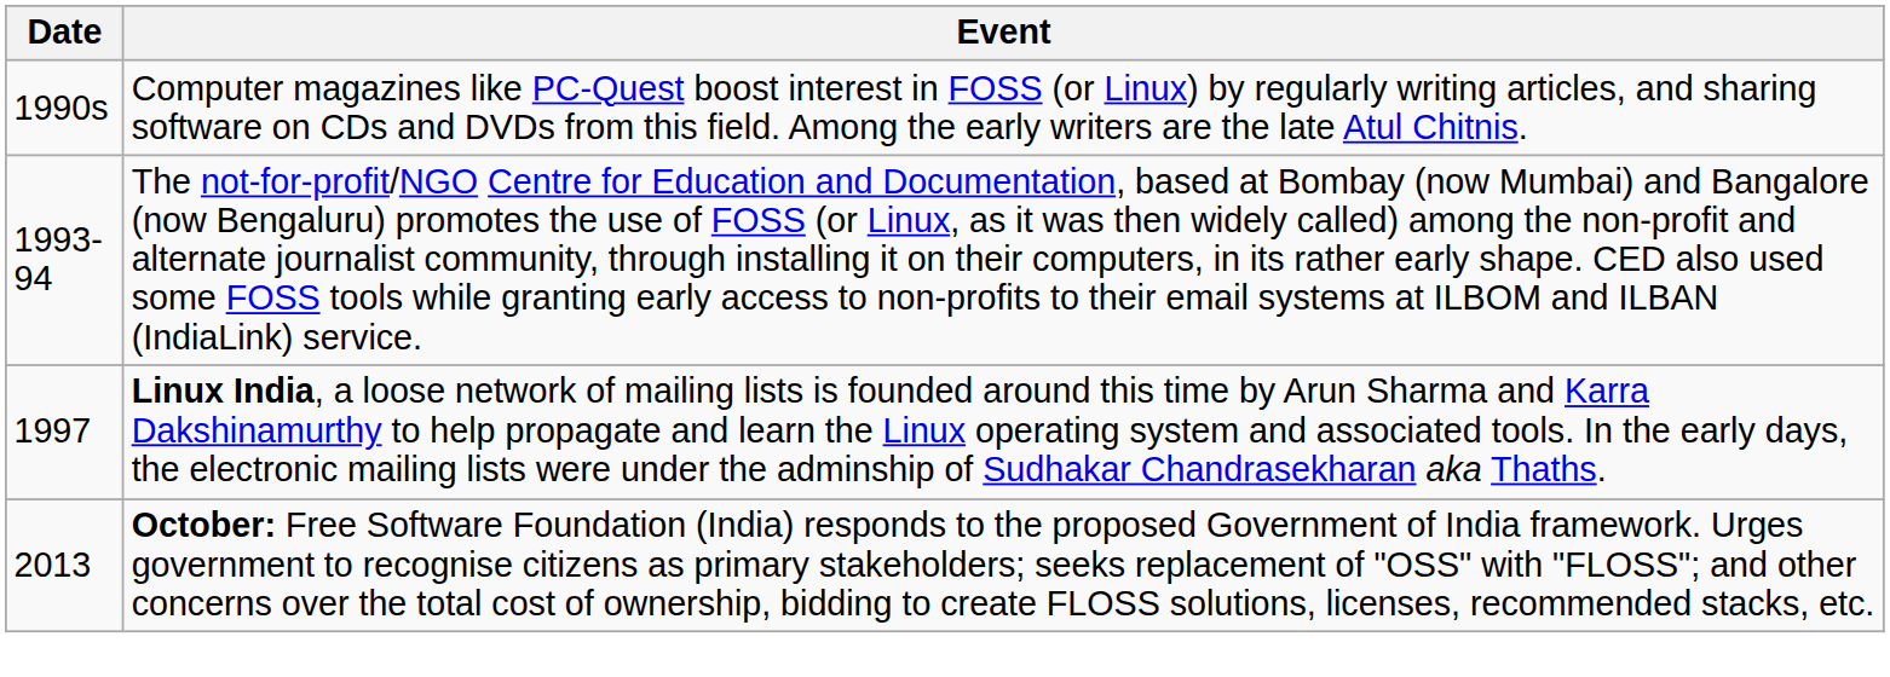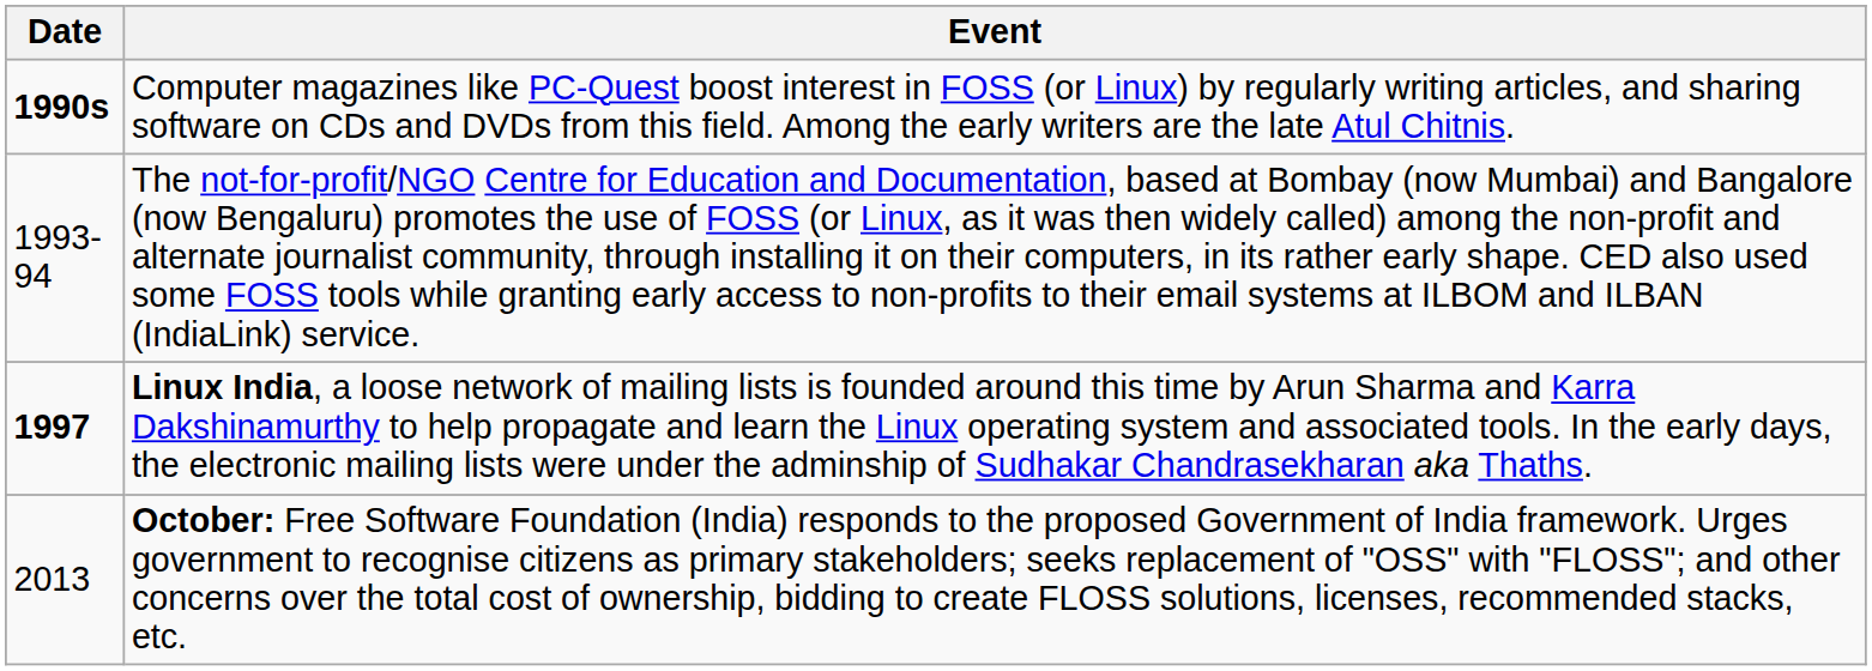 <table class="wikitable">
 <tr>
 <th>Date</th>
 <th>Event</th>
 </tr>
 <tr>
-<td>1990s</td>
+<td><strong>1990s</strong></td>
 <td>Computer magazines like <a href='#'>PC-Quest</a> boost interest in <a href='#'>FOSS</a> (or <a href='#'>Linux</a>) by regularly writing articles, and sharing software on CDs and DVDs from this field. Among the early writers are the late <a href='#'>Atul Chitnis</a>.</td>
 </tr>
 <tr>
 <td>1993-94</td>
 <td>The <a href='#'>not-for-profit</a>/<a href='#'>NGO</a> <a href='#'>Centre for Education and Documentation</a>, based at Bombay (now Mumbai) and Bangalore (now Bengaluru) promotes the use of <a href='#'>FOSS</a> (or <a href='#'>Linux</a>, as it was then widely called) among the non-profit and alternate journalist community, through installing it on their computers, in its rather early shape. CED also used some <a href='#'>FOSS</a> tools while granting early access to non-profits to their email systems at ILBOM and ILBAN (IndiaLink) service.</td>
 </tr>
 <tr>
-<td>1997</td>
+<td><strong>1997</strong></td>
 <td><strong>Linux India</strong>, a loose network of mailing lists is founded around this time by Arun Sharma and <a href='#'>Karra Dakshinamurthy</a> to help propagate and learn the <a href='#'>Linux</a> operating system and associated tools. In the early days, the electronic mailing lists were under the adminship of <a href='#'>Sudhakar Chandrasekharan</a> <em>aka</em> <a href='#'>Thaths</a>.</td>
 </tr>
 <tr>
 <td>2013</td>
 <td><strong>October:</strong> Free Software Foundation (India) responds to the proposed Government of India framework. Urges government to recognise citizens as primary stakeholders; seeks replacement of "OSS" with "FLOSS"; and other concerns over the total cost of ownership, bidding to create FLOSS solutions, licenses, recommended stacks, etc.</td>
 </tr>
 </table>
